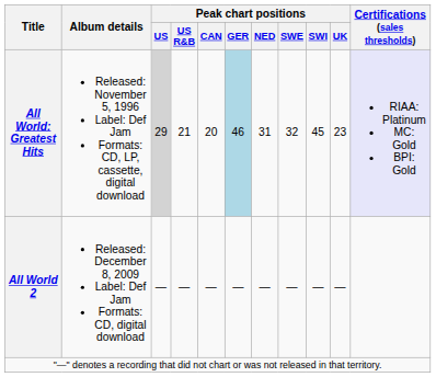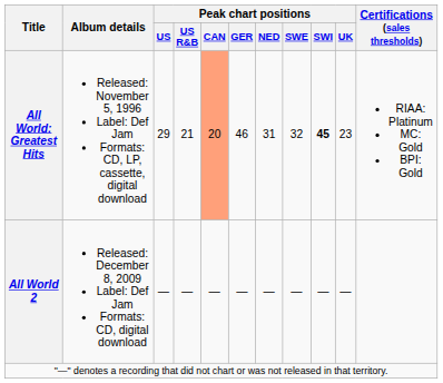 <table class="wikitable plainrowheaders" style="text-align:center;">
 <tr>
 <th scope="col" rowspan="2" style="width:18em;">Title</th>
 <th scope="col" rowspan="2" style="width:18em;">Album details</th>
 <th scope="col" colspan="8">Peak chart positions</th>
 <th rowspan="2" style="width:14em;"><a href='#'>Certifications</a><br><small>(<a href='#'>sales thresholds</a>)</small></th>
 </tr>
 <tr>
 <th scope="col" style="width:3em;font-size:90%;"><a href='#'>US</a><br></th>
 <th scope="col" style="width:3em;font-size:90%;"><a href='#'>US<br>R&B</a><br></th>
 <th scope="col" style="width:3em;font-size:90%;"><a href='#'>CAN</a><br></th>
 <th scope="col" style="width:3em;font-size:90%;"><a href='#'>GER</a><br></th>
 <th scope="col" style="width:3em;font-size:90%;"><a href='#'>NED</a><br></th>
 <th scope="col" style="width:3em;font-size:90%;"><a href='#'>SWE</a><br></th>
 <th scope="col" style="width:3em;font-size:90%;"><a href='#'>SWI</a><br></th>
 <th scope="col" style="width:3em;font-size:90%;"><a href='#'>UK</a><br></th>
 </tr>
 <tr>
 <th scope="row"><em><a href='#'>All World: Greatest Hits</a></em></th>
 <td><br><ul><li>Released: November 5, 1996</li><li>Label: Def Jam</li><li>Formats: CD, LP, cassette, digital download</li></ul></td>
-<td style="background: lightgrey;">29</td>
+<td>29</td>
 <td>21</td>
-<td>20</td>
-<td style="background: lightblue;">46</td>
+<td style="background: lightsalmon;">20</td>
+<td>46</td>
 <td>31</td>
 <td>32</td>
-<td>45</td>
+<td><strong>45</strong></td>
 <td>23</td>
-<td style="background: lavender;"><br><ul><li>RIAA: Platinum</li><li>MC: Gold</li><li>BPI: Gold</li></ul></td>
+<td><br><ul><li>RIAA: Platinum</li><li>MC: Gold</li><li>BPI: Gold</li></ul></td>
 </tr>
 <tr>
 <th scope="row"><em><a href='#'>All World 2</a></em></th>
 <td><br><ul><li>Released: December 8, 2009</li><li>Label: Def Jam</li><li>Formats: CD, digital download</li></ul></td>
 <td>—</td>
 <td>—</td>
 <td>—</td>
 <td>—</td>
 <td>—</td>
 <td>—</td>
 <td>—</td>
 <td>—</td>
 <td></td>
 </tr>
 <tr>
 <td colspan="20" style="font-size:85%" align="center">"—" denotes a recording that did not chart or was not released in that territory.</td>
 </tr>
 </table>
